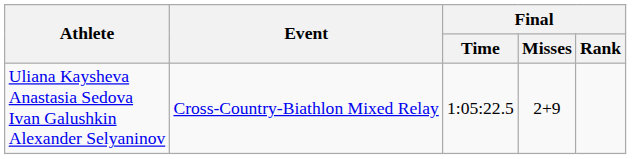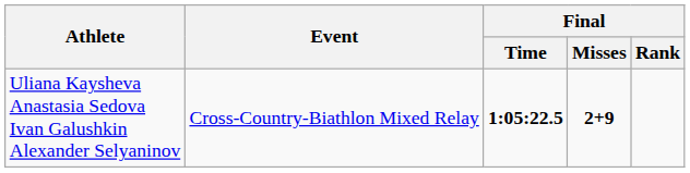 <table class="wikitable" style="font-size:90%; text-align:center;">
 <tr>
 <th rowspan=2>Athlete</th>
 <th rowspan=2>Event</th>
 <th colspan=3>Final</th>
 </tr>
 <tr>
 <th>Time</th>
 <th>Misses</th>
 <th>Rank</th>
 </tr>
 <tr>
 <td align=left><a href='#'>Uliana Kaysheva</a><br><a href='#'>Anastasia Sedova</a><br><a href='#'>Ivan Galushkin</a><br><a href='#'>Alexander Selyaninov</a></td>
 <td align=left><a href='#'>Cross-Country-Biathlon Mixed Relay</a></td>
-<td>1:05:22.5</td>
-<td>2+9</td>
+<td><strong>1:05:22.5</strong></td>
+<td><strong>2+9</strong></td>
 <td></td>
 </tr>
 </table>
